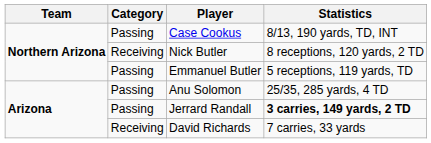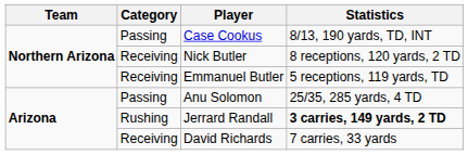 <table class="wikitable" style="float: right;">
 <tr>
 <th>Team</th>
 <th>Category</th>
 <th>Player</th>
 <th>Statistics</th>
 </tr>
 <tr>
 <td rowspan=3><strong>Northern Arizona</strong></td>
 <td>Passing</td>
 <td><a href='#'>Case Cookus</a></td>
 <td>8/13, 190 yards, TD, INT</td>
 </tr>
 <tr>
 <td>Receiving</td>
 <td>Nick Butler</td>
 <td>8 receptions, 120 yards, 2 TD</td>
 </tr>
 <tr>
-<td>Passing</td>
+<td>Receiving</td>
 <td>Emmanuel Butler</td>
 <td>5 receptions, 119 yards, TD</td>
 </tr>
 <tr>
 <td rowspan=3><strong>Arizona</strong></td>
 <td>Passing</td>
 <td>Anu Solomon</td>
 <td>25/35, 285 yards, 4 TD</td>
 </tr>
 <tr>
-<td>Passing</td>
+<td>Rushing</td>
 <td>Jerrard Randall</td>
 <td><strong>3 carries, 149 yards, 2 TD</strong></td>
 </tr>
 <tr>
 <td>Receiving</td>
 <td>David Richards</td>
 <td>7 carries, 33 yards</td>
 </tr>
 </table>
